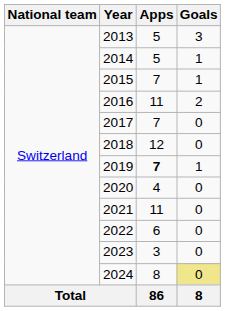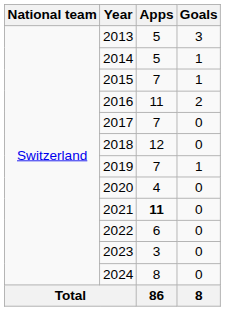 <table class="wikitable" style="text-align: center;">
 <tr>
 <th>National team</th>
 <th>Year</th>
 <th>Apps</th>
 <th>Goals</th>
 </tr>
 <tr>
 <td rowspan="12"><a href='#'>Switzerland</a></td>
 <td>2013</td>
 <td>5</td>
 <td>3</td>
 </tr>
 <tr>
 <td>2014</td>
 <td>5</td>
 <td>1</td>
 </tr>
 <tr>
 <td>2015</td>
 <td>7</td>
 <td>1</td>
 </tr>
 <tr>
 <td>2016</td>
 <td>11</td>
 <td>2</td>
 </tr>
 <tr>
 <td>2017</td>
 <td>7</td>
 <td>0</td>
 </tr>
 <tr>
 <td>2018</td>
 <td>12</td>
 <td>0</td>
 </tr>
 <tr>
 <td>2019</td>
-<td><strong>7</strong></td>
+<td>7</td>
 <td>1</td>
 </tr>
 <tr>
 <td>2020</td>
 <td>4</td>
 <td>0</td>
 </tr>
 <tr>
 <td>2021</td>
-<td>11</td>
+<td><strong>11</strong></td>
 <td>0</td>
 </tr>
 <tr>
 <td>2022</td>
 <td>6</td>
 <td>0</td>
 </tr>
 <tr>
 <td>2023</td>
 <td>3</td>
 <td>0</td>
 </tr>
 <tr>
 <td>2024</td>
 <td>8</td>
-<td style="background: khaki;">0</td>
+<td>0</td>
 </tr>
 <tr>
 <th colspan="2">Total</th>
 <th>86</th>
 <th>8</th>
 </tr>
 </table>
